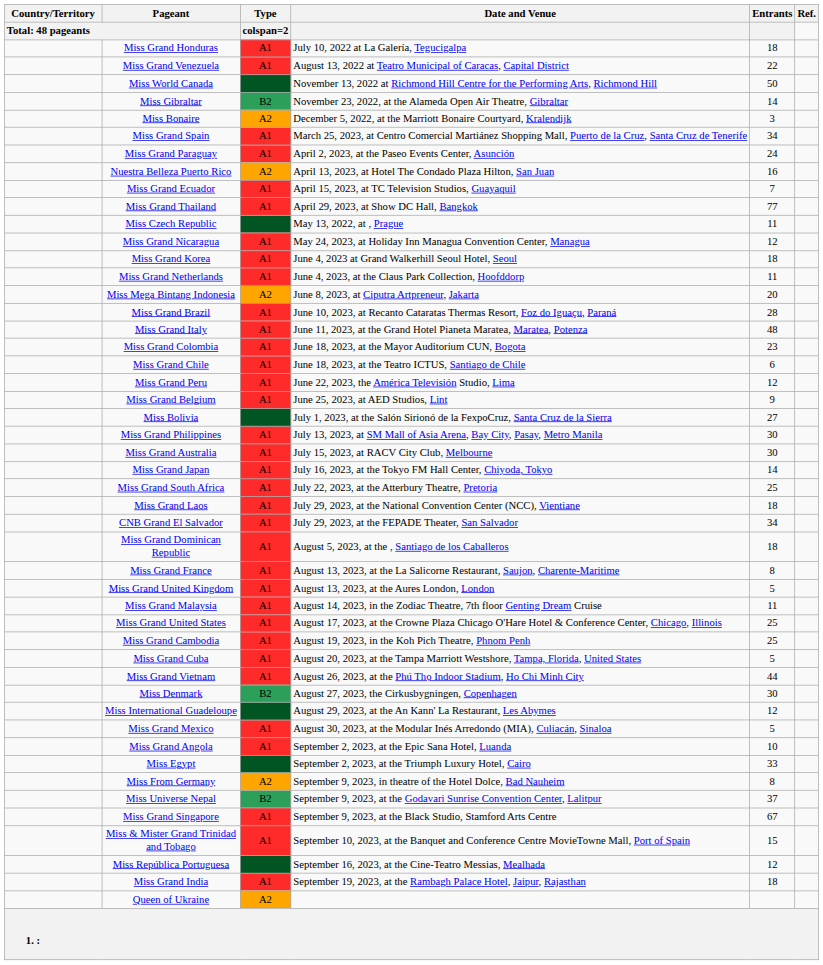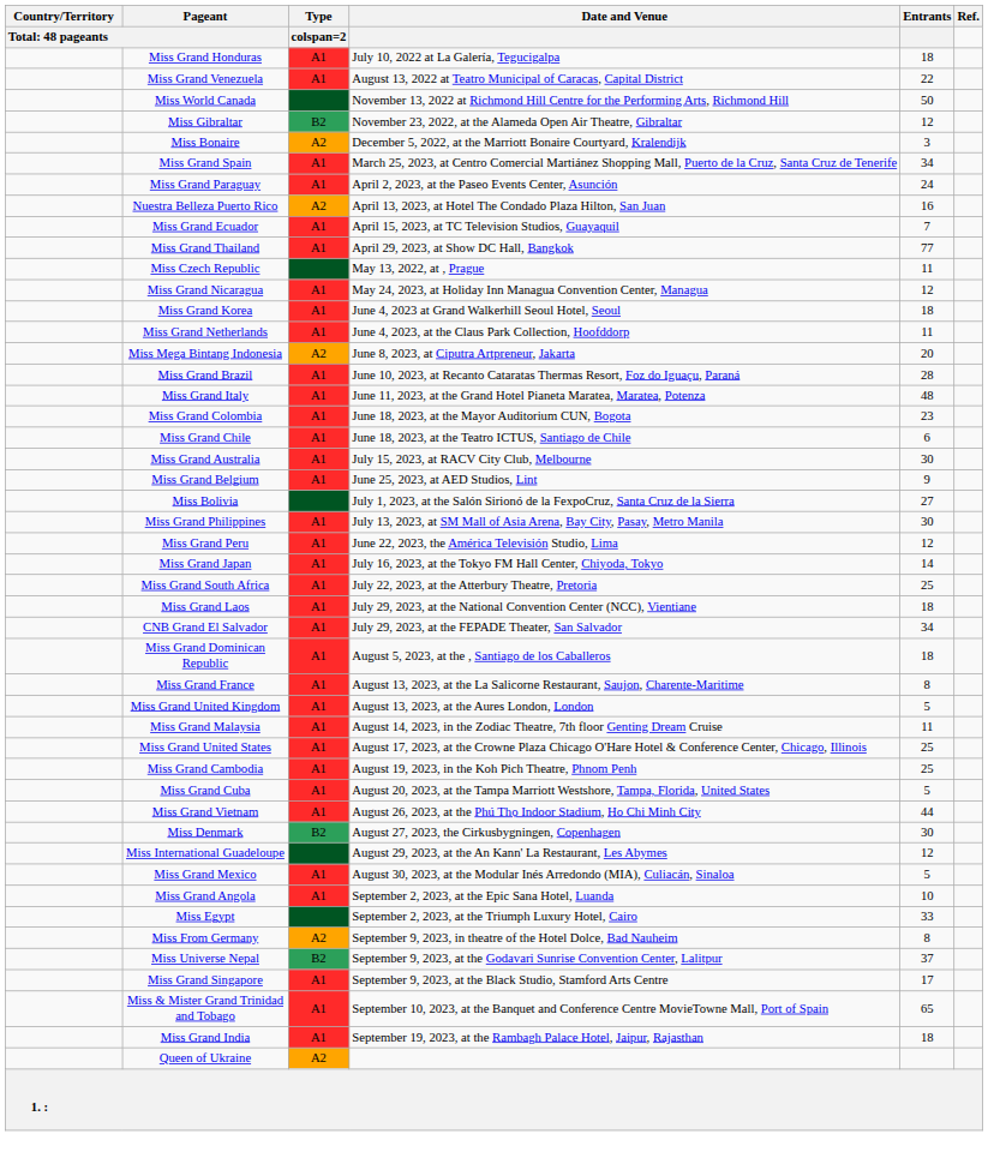 <table class="wikitable sortable static-row-numbers" style="font-size: 90%;">
 <tr>
 <th class="unsortable" style="width:125px;">Country/Territory</th>
 <th class="unsortable" style="width:180px;">Pageant</th>
 <th class=unsortable>Type</th>
 <th class=unsortable>Date and Venue</th>
 <th class=unsortable>Entrants</th>
 <th class=unsortable>Ref.</th>
 </tr>
 <tr style="background:white;" class="static-row-header">
 <th colspan="2" style="text-align:left;">Total: 48 pageants</th>
 <th>colspan=2 </th>
 <th></th>
 <th></th>
 </tr>
 <tr id="HON">
 <td></td>
 <td align=center><a href='#'>Miss Grand Honduras</a></td>
 <td align=center bgcolor=#ff2a2a>A1</td>
 <td>July 10, 2022 at La Galería, <a href='#'>Tegucigalpa</a></td>
 <td align=center>18</td>
 <td align=center></td>
 </tr>
 <tr id="VEN">
 <td></td>
 <td align=center><a href='#'>Miss Grand Venezuela</a></td>
 <td align=center bgcolor=#ff2a2a>A1</td>
 <td>August 13, 2022 at <a href='#'>Teatro Municipal of Caracas</a>, <a href='#'>Capital District</a></td>
 <td align=center>22</td>
 <td align=center></td>
 </tr>
 <tr>
 <td></td>
 <td align=center><a href='#'>Miss World Canada</a></td>
 <td align=center bgcolor=#005522></td>
 <td>November 13, 2022 at <a href='#'>Richmond Hill Centre for the Performing Arts</a>, <a href='#'>Richmond Hill</a></td>
 <td align=center>50</td>
 <td align=center></td>
 </tr>
 <tr>
 <td></td>
 <td align=center><a href='#'>Miss Gibraltar</a></td>
 <td align=center bgcolor=#2ca05a>B2</td>
 <td>November 23, 2022, at the Alameda Open Air Theatre, <a href='#'>Gibraltar</a></td>
-<td align=center>14</td>
+<td align=center>12</td>
 <td align=center></td>
 </tr>
 <tr>
 <td></td>
 <td align=center><a href='#'>Miss Bonaire</a></td>
 <td align=center bgcolor=#ffa500>A2</td>
 <td>December 5, 2022, at the Marriott Bonaire Courtyard, <a href='#'>Kralendijk</a></td>
 <td align=center>3</td>
 <td align=center></td>
 </tr>
 <tr id="ESP">
 <td></td>
 <td align=center><a href='#'>Miss Grand Spain</a></td>
 <td align=center bgcolor=#ff2a2a>A1</td>
 <td>March 25, 2023, at Centro Comercial Martiánez Shopping Mall, <a href='#'>Puerto de la Cruz</a>, <a href='#'>Santa Cruz de Tenerife</a></td>
 <td align=center>34</td>
 <td align=center></td>
 </tr>
 <tr id="PAR">
 <td></td>
 <td align=center><a href='#'>Miss Grand Paraguay</a></td>
 <td align=center bgcolor=#ff2a2a>A1</td>
 <td>April 2, 2023, at the Paseo Events Center, <a href='#'>Asunción</a></td>
 <td align=center>24</td>
 <td align=center></td>
 </tr>
 <tr id="PRI">
 <td></td>
 <td align=center><a href='#'>Nuestra Belleza Puerto Rico</a></td>
 <td align=center bgcolor=#ffa500>A2</td>
 <td>April 13, 2023, at Hotel The Condado Plaza Hilton, <a href='#'>San Juan</a></td>
 <td align="center">16</td>
 <td align=center></td>
 </tr>
 <tr id="ECU">
 <td></td>
 <td align="center"><a href='#'>Miss Grand Ecuador</a></td>
 <td align="center" bgcolor=#ff2a2a>A1</td>
 <td>April 15, 2023, at TC Television Studios, <a href='#'>Guayaquil</a></td>
 <td align="center">7</td>
 <td align="center"></td>
 </tr>
 <tr id="THA">
 <td></td>
 <td align=center><a href='#'>Miss Grand Thailand</a></td>
 <td align=center bgcolor=#ff2a2a>A1</td>
 <td>April 29, 2023, at Show DC Hall, <a href='#'>Bangkok</a></td>
 <td align=center>77</td>
 <td align=center></td>
 </tr>
 <tr id="CZE">
 <td></td>
 <td align=center><a href='#'>Miss Czech Republic</a></td>
 <td align=center bgcolor=#005522></td>
 <td>May 13, 2022, at , <a href='#'>Prague</a></td>
 <td align=center>11</td>
 <td align=center></td>
 </tr>
 <tr>
 <td></td>
 <td align=center><a href='#'>Miss Grand Nicaragua</a></td>
 <td align=center bgcolor=#ff2a2a>A1</td>
 <td>May 24, 2023, at Holiday Inn Managua Convention Center, <a href='#'>Managua</a></td>
 <td align=center>12</td>
 <td align=center></td>
 </tr>
 <tr id="KOR">
 <td></td>
 <td align=center><a href='#'>Miss Grand Korea</a></td>
 <td align=center bgcolor=#ff2a2a>A1</td>
 <td>June 4, 2023 at Grand Walkerhill Seoul Hotel, <a href='#'>Seoul</a></td>
 <td align=center>18</td>
 <td align=center></td>
 </tr>
 <tr>
 <td></td>
 <td align=center><a href='#'>Miss Grand Netherlands</a></td>
 <td align="center" bgcolor=#ff2a2a>A1</td>
 <td>June 4, 2023, at the Claus Park Collection, <a href='#'>Hoofddorp</a></td>
 <td align=center>11</td>
 <td align=center></td>
 </tr>
 <tr id="INA">
 <td></td>
 <td align=center><a href='#'>Miss Mega Bintang Indonesia</a></td>
 <td align=center bgcolor=#ffa500>A2</td>
 <td>June 8, 2023, at <a href='#'>Ciputra Artpreneur</a>, <a href='#'>Jakarta</a></td>
 <td align="center">20</td>
 <td align="center"></td>
 </tr>
 <tr id="BRA">
 <td></td>
 <td align=center><a href='#'>Miss Grand Brazil</a></td>
 <td align=center bgcolor=#ff2a2a>A1</td>
 <td>June 10, 2023, at Recanto Cataratas Thermas Resort, <a href='#'>Foz do Iguaçu</a>, <a href='#'>Paraná</a></td>
 <td align=center>28</td>
 <td align=center></td>
 </tr>
 <tr id="ITA">
 <td></td>
 <td align=center><a href='#'>Miss Grand Italy</a></td>
 <td align=center bgcolor=#ff2a2a>A1</td>
 <td>June 11, 2023, at the Grand Hotel Pianeta Maratea, <a href='#'>Maratea</a>, <a href='#'>Potenza</a></td>
 <td align=center>48</td>
 <td align=center></td>
 </tr>
 <tr>
 <td></td>
 <td align=center><a href='#'>Miss Grand Colombia</a></td>
 <td align=center bgcolor=#ff2a2a>A1</td>
 <td>June 18, 2023, at the Mayor Auditorium CUN, <a href='#'>Bogota</a></td>
 <td align=center>23</td>
 <td align=center></td>
 </tr>
 <tr id="CHI">
 <td></td>
 <td align=center><a href='#'>Miss Grand Chile</a></td>
 <td align=center bgcolor=#ff2a2a>A1</td>
 <td>June 18, 2023, at the Teatro ICTUS, <a href='#'>Santiago de Chile</a></td>
 <td align=center>6</td>
 <td align=center></td>
 </tr>
-<tr id="PER">
+<tr id="AUS">
 <td></td>
-<td align=center><a href='#'>Miss Grand Peru</a></td>
+<td align=center><a href='#'>Miss Grand Australia</a></td>
 <td align=center bgcolor=#ff2a2a>A1</td>
-<td>June 22, 2023, the <a href='#'>América Televisión</a> Studio, <a href='#'>Lima</a></td>
-<td align=center>12</td>
+<td>July 15, 2023, at RACV City Club, <a href='#'>Melbourne</a></td>
+<td align=center>30</td>
 <td align=center></td>
 </tr>
 <tr>
 <td></td>
 <td align=center><a href='#'>Miss Grand Belgium</a></td>
 <td align=center bgcolor=#ff2a2a>A1</td>
 <td>June 25, 2023, at AED Studios, <a href='#'>Lint</a></td>
 <td align=center>9</td>
 <td align=center></td>
 </tr>
 <tr>
 <td></td>
 <td align=center><a href='#'>Miss Bolivia</a></td>
 <td align=center bgcolor=#005522></td>
 <td>July 1, 2023, at the Salón Sirionó de la FexpoCruz, <a href='#'>Santa Cruz de la Sierra</a></td>
 <td align=center>27</td>
 <td align=center></td>
 </tr>
 <tr id="PHI">
 <td></td>
 <td align=center><a href='#'>Miss Grand Philippines</a></td>
 <td align=center bgcolor=#ff2a2a>A1</td>
 <td>July 13, 2023, at <a href='#'>SM Mall of Asia Arena</a>, <a href='#'>Bay City</a>, <a href='#'>Pasay</a>, <a href='#'>Metro Manila</a></td>
 <td align=center>30</td>
 <td align=center></td>
 </tr>
-<tr id="AUS">
+<tr id="PER">
 <td></td>
-<td align=center><a href='#'>Miss Grand Australia</a></td>
+<td align=center><a href='#'>Miss Grand Peru</a></td>
 <td align=center bgcolor=#ff2a2a>A1</td>
-<td>July 15, 2023, at RACV City Club, <a href='#'>Melbourne</a></td>
-<td align=center>30</td>
+<td>June 22, 2023, the <a href='#'>América Televisión</a> Studio, <a href='#'>Lima</a></td>
+<td align=center>12</td>
 <td align=center></td>
 </tr>
 <tr id="JAP">
 <td></td>
 <td align=center><a href='#'>Miss Grand Japan</a></td>
 <td align=center bgcolor=#ff2a2a>A1</td>
 <td>July 16, 2023, at the Tokyo FM Hall Center, <a href='#'>Chiyoda, Tokyo</a></td>
 <td align=center>14</td>
 <td align=center></td>
 </tr>
 <tr>
 <td></td>
 <td align=center><a href='#'>Miss Grand South Africa</a></td>
 <td align=center bgcolor=#ff2a2a>A1</td>
 <td>July 22, 2023, at the Atterbury Theatre, <a href='#'>Pretoria</a></td>
 <td align=center>25</td>
 <td align=center></td>
 </tr>
 <tr>
 <td></td>
 <td align=center><a href='#'>Miss Grand Laos</a></td>
 <td align=center bgcolor=#ff2a2a>A1</td>
 <td>July 29, 2023, at the National Convention Center (NCC), <a href='#'>Vientiane</a></td>
 <td align=center>18</td>
 <td align=center></td>
 </tr>
 <tr>
 <td></td>
 <td align=center><a href='#'>CNB Grand El Salvador</a></td>
 <td align=center bgcolor=#ff2a2a>A1</td>
 <td>July 29, 2023, at the FEPADE Theater, <a href='#'>San Salvador</a></td>
 <td align=center>34</td>
 <td align=center></td>
 </tr>
 <tr>
 <td></td>
 <td align=center><a href='#'>Miss Grand Dominican Republic</a></td>
 <td align=center bgcolor=#ff2a2a>A1</td>
 <td>August 5, 2023, at the , <a href='#'>Santiago de los Caballeros</a></td>
 <td align=center>18</td>
 <td align=center></td>
 </tr>
 <tr>
 <td></td>
 <td align=center><a href='#'>Miss Grand France</a></td>
 <td align=center bgcolor=#ff2a2a>A1</td>
 <td>August 13, 2023, at the La Salicorne Restaurant, <a href='#'>Saujon</a>, <a href='#'>Charente-Maritime</a></td>
 <td align=center>8</td>
 <td align=center></td>
 </tr>
 <tr id="GBR">
 <td></td>
 <td align=center><a href='#'>Miss Grand United Kingdom</a></td>
 <td align=center bgcolor=#ff2a2a>A1</td>
 <td>August 13, 2023, at the Aures London, <a href='#'>London</a></td>
 <td align=center>5</td>
 <td align=center></td>
 </tr>
 <tr id="MAS">
 <td></td>
 <td align=center><a href='#'>Miss Grand Malaysia</a></td>
 <td align=center bgcolor=#ff2a2a>A1</td>
 <td>August 14, 2023, in the Zodiac Theatre, 7th floor <a href='#'>Genting Dream</a> Cruise</td>
 <td align=center>11</td>
 <td align=center></td>
 </tr>
 <tr id="USA">
 <td></td>
 <td align=center><a href='#'>Miss Grand United States</a></td>
 <td align=center bgcolor=#ff2a2a>A1</td>
 <td>August 17, 2023, at the Crowne Plaza Chicago O'Hare Hotel & Conference Center, <a href='#'>Chicago</a>, <a href='#'>Illinois</a></td>
 <td align=center>25</td>
 <td align=center></td>
 </tr>
 <tr id="CAM">
 <td></td>
 <td align=center><a href='#'>Miss Grand Cambodia</a></td>
 <td align=center bgcolor=#ff2a2a>A1</td>
 <td>August 19, 2023, in the Koh Pich Theatre, <a href='#'>Phnom Penh</a></td>
 <td align=center>25</td>
 <td align=center></td>
 </tr>
 <tr>
 <td></td>
 <td align=center><a href='#'>Miss Grand Cuba</a></td>
 <td align=center bgcolor=#ff2a2a>A1</td>
 <td>August 20, 2023, at the Tampa Marriott Westshore, <a href='#'>Tampa, Florida</a>, <a href='#'>United States</a></td>
 <td align=center>5</td>
 <td align=center></td>
 </tr>
 <tr>
 <td></td>
 <td align=center><a href='#'>Miss Grand Vietnam</a></td>
 <td align=center bgcolor=#ff2a2a>A1</td>
 <td>August 26, 2023, at the <a href='#'>Phú Thọ Indoor Stadium</a>, <a href='#'>Ho Chi Minh City</a></td>
 <td align=center>44</td>
 <td align=center></td>
 </tr>
 <tr>
 <td></td>
 <td align=center><a href='#'>Miss Denmark</a></td>
 <td align=center bgcolor=#2ca05a>B2</td>
 <td>August 27, 2023, the Cirkusbygningen, <a href='#'>Copenhagen</a></td>
 <td align=center>30</td>
 <td align=center></td>
 </tr>
 <tr>
 <td></td>
 <td align=center><a href='#'>Miss International Guadeloupe</a></td>
 <td align=center bgcolor=#005522></td>
 <td>August 29, 2023, at the An Kann' La Restaurant, <a href='#'>Les Abymes</a></td>
 <td align=center>12</td>
 <td align=center></td>
 </tr>
 <tr>
 <td></td>
 <td align=center><a href='#'>Miss Grand Mexico</a></td>
 <td align="center" bgcolor=#ff2a2a>A1</td>
 <td>August 30, 2023, at the Modular Inés Arredondo (MIA), <a href='#'>Culiacán</a>, <a href='#'>Sinaloa</a></td>
 <td align=center>5</td>
 <td align=center></td>
 </tr>
 <tr>
 <td></td>
 <td align=center><a href='#'>Miss Grand Angola</a></td>
 <td align=center bgcolor=#ff2a2a>A1</td>
 <td>September 2, 2023, at the Epic Sana Hotel, <a href='#'>Luanda</a></td>
 <td align=center>10</td>
 <td align=center></td>
 </tr>
 <tr>
 <td></td>
 <td align=center><a href='#'>Miss Egypt</a></td>
 <td align=center bgcolor=#005522></td>
 <td>September 2, 2023, at the Triumph Luxury Hotel, <a href='#'>Cairo</a></td>
 <td align=center>33</td>
 <td align=center></td>
 </tr>
 <tr>
 <td></td>
 <td align=center><a href='#'>Miss From Germany</a></td>
 <td align=center bgcolor=#ffa500>A2</td>
 <td>September 9, 2023, in theatre of the Hotel Dolce, <a href='#'>Bad Nauheim</a></td>
 <td align=center>8</td>
 <td align=center></td>
 </tr>
 <tr>
 <td></td>
 <td align=center><a href='#'>Miss Universe Nepal</a></td>
 <td align=center bgcolor=#2ca05a>B2</td>
 <td>September 9, 2023, at the <a href='#'>Godavari Sunrise Convention Center</a>, <a href='#'>Lalitpur</a></td>
 <td align=center>37</td>
 <td align=center></td>
 </tr>
 <tr id="SIN">
 <td></td>
 <td align=center><a href='#'>Miss Grand Singapore</a></td>
 <td align=center bgcolor=#ff2a2a>A1</td>
 <td>September 9, 2023, at the Black Studio, Stamford Arts Centre</td>
-<td align=center>67</td>
+<td align=center>17</td>
 <td align=center></td>
 </tr>
 <tr>
 <td></td>
 <td align=center><a href='#'>Miss & Mister Grand Trinidad and Tobago</a></td>
 <td align=center bgcolor=#ff2a2a>A1</td>
 <td>September 10, 2023, at the Banquet and Conference Centre MovieTowne Mall, <a href='#'>Port of Spain</a></td>
-<td align=center>15</td>
-<td align=center></td>
-</tr>
-<tr>
-<td></td>
-<td align=center><a href='#'>Miss República Portuguesa</a></td>
-<td align=center bgcolor=#005522></td>
-<td>September 16, 2023, at the Cine-Teatro Messias, <a href='#'>Mealhada</a></td>
-<td align=center>12</td>
+<td align=center>65</td>
 <td align=center></td>
 </tr>
 <tr>
 <td></td>
 <td align=center><a href='#'>Miss Grand India</a></td>
 <td align=center bgcolor=#ff2a2a>A1</td>
 <td>September 19, 2023, at the <a href='#'>Rambagh Palace Hotel</a>, <a href='#'>Jaipur</a>, <a href='#'>Rajasthan</a></td>
 <td align=center>18</td>
 <td align=center></td>
 </tr>
 <tr>
 <td></td>
 <td align=center><a href='#'>Queen of Ukraine</a></td>
 <td align=center bgcolor=#ffa500>A2</td>
 <td></td>
 <td></td>
 <td align=center></td>
 </tr>
 <tr style="background:white;" class="sortbottom static-row-header">
 <th colspan="6" style="text-align:left;"><br><ol><li>: </li></ol></th>
 </tr>
 </table>
